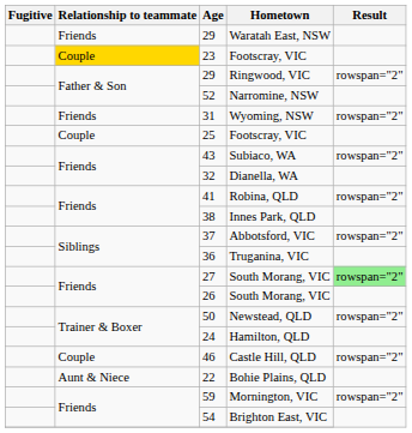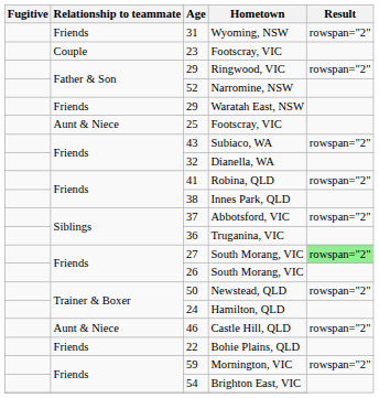 <table class="wikitable sortable">
 <tr>
 <th>Fugitive</th>
 <th>Relationship to teammate</th>
 <th>Age</th>
 <th>Hometown</th>
 <th>Result</th>
 </tr>
 <tr>
 <td></td>
 <td>Friends</td>
-<td>29</td>
-<td>Waratah East, NSW</td>
-<td></td>
+<td>31</td>
+<td>Wyoming, NSW</td>
+<td>rowspan="2" </td>
 </tr>
 <tr>
 <td></td>
-<td style="background: gold;">Couple</td>
+<td>Couple</td>
 <td>23</td>
 <td>Footscray, VIC</td>
 </tr>
 <tr>
 <td></td>
 <td rowspan="2">Father & Son</td>
 <td>29</td>
 <td>Ringwood, VIC</td>
 <td>rowspan="2" </td>
 </tr>
 <tr>
 <td></td>
 <td>52</td>
 <td>Narromine, NSW</td>
 </tr>
 <tr>
 <td></td>
 <td>Friends</td>
-<td>31</td>
-<td>Wyoming, NSW</td>
-<td>rowspan="2" </td>
+<td>29</td>
+<td>Waratah East, NSW</td>
+<td></td>
 </tr>
 <tr>
 <td></td>
-<td>Couple</td>
+<td>Aunt & Niece</td>
 <td>25</td>
 <td>Footscray, VIC</td>
 <td></td>
 </tr>
 <tr>
 <td></td>
 <td rowspan="2">Friends</td>
 <td>43</td>
 <td>Subiaco, WA</td>
 <td>rowspan="2"  </td>
 </tr>
 <tr>
 <td></td>
 <td>32</td>
 <td>Dianella, WA</td>
 </tr>
 <tr>
 <td></td>
 <td rowspan="2">Friends</td>
 <td>41</td>
 <td>Robina, QLD</td>
 <td>rowspan="2" </td>
 </tr>
 <tr>
 <td></td>
 <td>38</td>
 <td>Innes Park, QLD</td>
 </tr>
 <tr>
 <td></td>
 <td rowspan="2">Siblings</td>
 <td>37</td>
 <td>Abbotsford, VIC</td>
 <td>rowspan="2" </td>
 </tr>
 <tr>
 <td></td>
 <td>36</td>
 <td>Truganina, VIC</td>
 </tr>
 <tr>
 <td></td>
 <td rowspan="2">Friends</td>
 <td>27</td>
 <td>South Morang, VIC</td>
 <td style="background: lightgreen;">rowspan="2" </td>
 </tr>
 <tr>
 <td></td>
 <td>26</td>
 <td>South Morang, VIC</td>
 </tr>
 <tr>
 <td></td>
 <td rowspan="2">Trainer & Boxer</td>
 <td>50</td>
 <td>Newstead, QLD</td>
 <td>rowspan="2" </td>
 </tr>
 <tr>
 <td></td>
 <td>24</td>
 <td>Hamilton, QLD</td>
 </tr>
 <tr>
 <td></td>
-<td>Couple</td>
+<td>Aunt & Niece</td>
 <td>46</td>
 <td>Castle Hill, QLD</td>
 <td>rowspan="2" </td>
 </tr>
 <tr>
 <td></td>
-<td>Aunt & Niece</td>
+<td>Friends</td>
 <td>22</td>
 <td>Bohie Plains, QLD</td>
 </tr>
 <tr>
 <td></td>
 <td rowspan="2">Friends</td>
 <td>59</td>
 <td>Mornington, VIC</td>
 <td>rowspan="2" </td>
 </tr>
 <tr>
 <td></td>
 <td>54</td>
 <td>Brighton East, VIC</td>
 </tr>
 <tr>
 </tr>
 </table>
